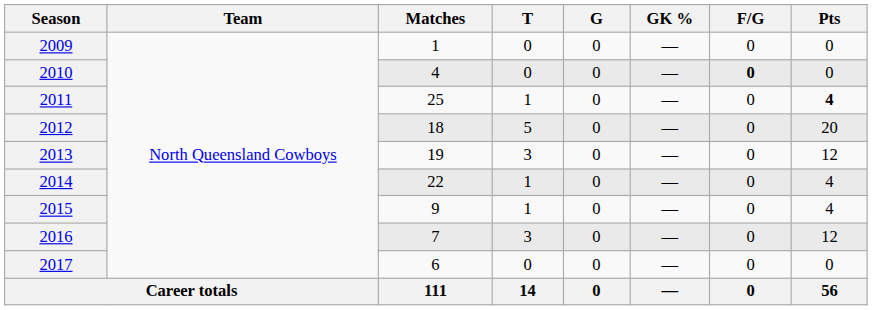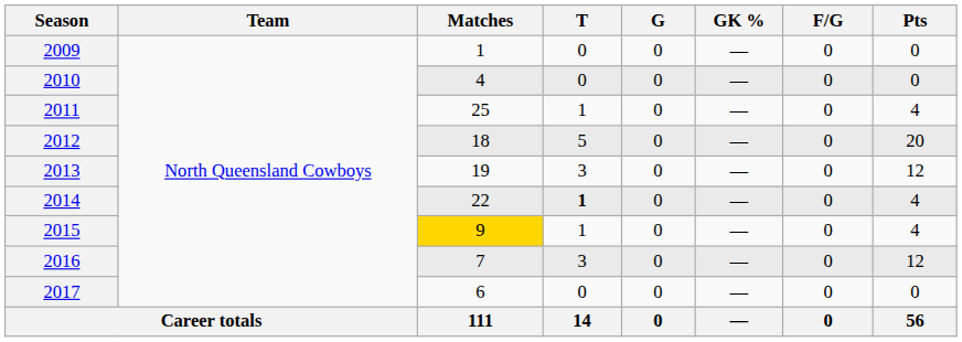 <table class="wikitable sortable"  style="font-size:90%; text-align:center; width:85%;">
 <tr>
 <th width=2%>Season</th>
 <th width=8%>Team</th>
 <th width=2%>Matches</th>
 <th width=2%>T</th>
 <th width=2%>G</th>
 <th width=2%>GK %</th>
 <th width=2%>F/G</th>
 <th width=2%>Pts</th>
 </tr>
 <tr>
 <th scope="row" style="text-align:center; font-weight:normal"><a href='#'>2009</a></th>
 <td rowspan="9" style="text-align:center;"> <a href='#'>North Queensland Cowboys</a></td>
 <td>1</td>
 <td>0</td>
 <td>0</td>
 <td>—</td>
 <td>0</td>
 <td>0</td>
 </tr>
 <tr style="background-color: #EAEAEA">
 <th scope="row" style="text-align:center; font-weight:normal"><a href='#'>2010</a></th>
 <td>4</td>
 <td>0</td>
 <td>0</td>
 <td>—</td>
-<td><strong>0</strong></td>
+<td>0</td>
 <td>0</td>
 </tr>
 <tr>
 <th scope="row" style="text-align:center; font-weight:normal"><a href='#'>2011</a></th>
 <td>25</td>
 <td>1</td>
 <td>0</td>
 <td>—</td>
 <td>0</td>
-<td><strong>4</strong></td>
+<td>4</td>
 </tr>
 <tr style="background-color: #EAEAEA">
 <th scope="row" style="text-align:center; font-weight:normal"><a href='#'>2012</a></th>
 <td>18</td>
 <td>5</td>
 <td>0</td>
 <td>—</td>
 <td>0</td>
 <td>20</td>
 </tr>
 <tr>
 <th scope="row" style="text-align:center; font-weight:normal"><a href='#'>2013</a></th>
 <td>19</td>
 <td>3</td>
 <td>0</td>
 <td>—</td>
 <td>0</td>
 <td>12</td>
 </tr>
 <tr style="background-color: #EAEAEA">
 <th scope="row" style="text-align:center; font-weight:normal"><a href='#'>2014</a></th>
 <td>22</td>
-<td>1</td>
+<td><strong>1</strong></td>
 <td>0</td>
 <td>—</td>
 <td>0</td>
 <td>4</td>
 </tr>
 <tr>
 <th scope="row" style="text-align:center; font-weight:normal"><a href='#'>2015</a></th>
-<td>9</td>
+<td style="background: gold;">9</td>
 <td>1</td>
 <td>0</td>
 <td>—</td>
 <td>0</td>
 <td>4</td>
 </tr>
 <tr style="background-color: #EAEAEA">
 <th scope="row" style="text-align:center; font-weight:normal"><a href='#'>2016</a></th>
 <td>7</td>
 <td>3</td>
 <td>0</td>
 <td>—</td>
 <td>0</td>
 <td>12</td>
 </tr>
 <tr>
 <th scope="row" style="text-align:center; font-weight:normal"><a href='#'>2017</a></th>
 <td>6</td>
 <td>0</td>
 <td>0</td>
 <td>—</td>
 <td>0</td>
 <td>0</td>
 </tr>
 <tr class="sortbottom">
 <th colspan=2>Career totals</th>
 <th>111</th>
 <th>14</th>
 <th>0</th>
 <th>—</th>
 <th>0</th>
 <th>56</th>
 </tr>
 </table>
